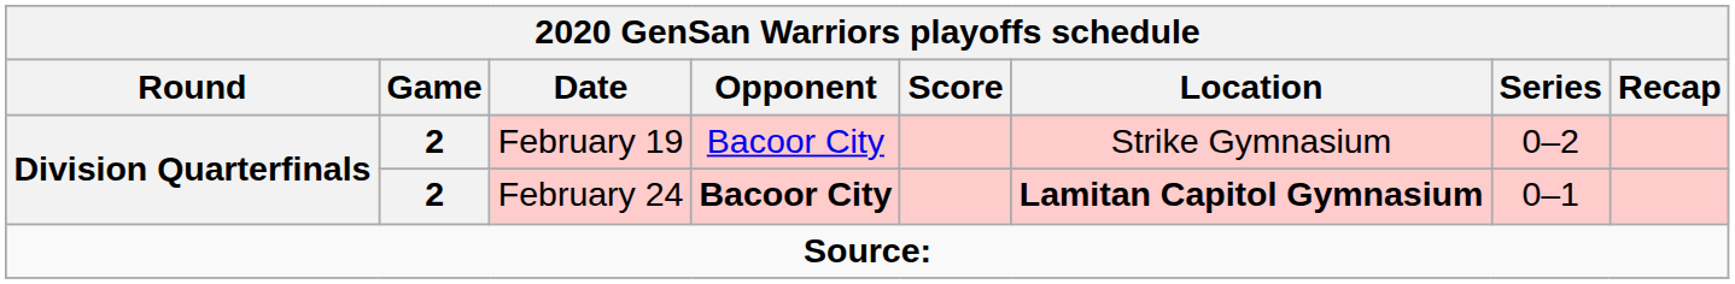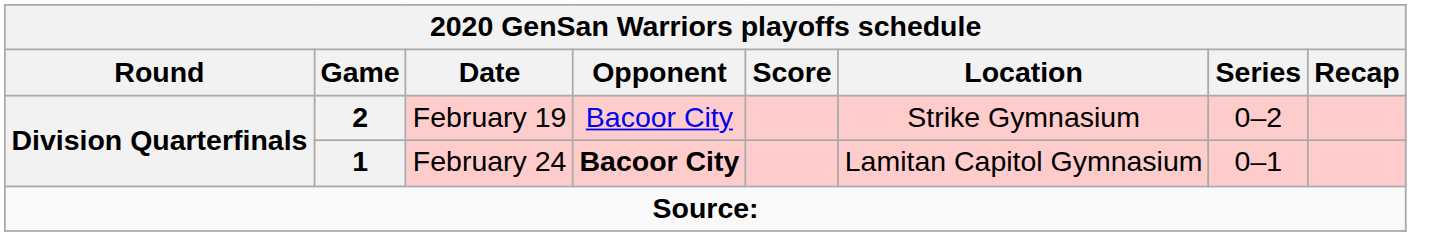 <table class="wikitable" style="text-align:center">
 <tr>
 <th colspan=8>2020 GenSan Warriors playoffs schedule</th>
 </tr>
 <tr>
 <th>Round</th>
 <th>Game</th>
 <th>Date</th>
 <th>Opponent</th>
 <th>Score</th>
 <th>Location</th>
 <th>Series</th>
 <th>Recap<br></th>
 </tr>
 <tr style="background:#fcc">
 <th rowspan=2>Division Quarterfinals</th>
 <th>2</th>
 <td>February 19</td>
 <td><a href='#'>Bacoor City</a></td>
 <td></td>
 <td>Strike Gymnasium</td>
 <td>0–2</td>
 <td></td>
 </tr>
 <tr style="background:#fcc">
-<th>2</th>
+<th>1</th>
 <td>February 24</td>
 <td><strong>Bacoor City</strong></td>
 <td></td>
-<td><strong>Lamitan Capitol Gymnasium</strong></td>
+<td>Lamitan Capitol Gymnasium</td>
 <td>0–1</td>
 <td></td>
 </tr>
 <tr>
 <td colspan=8 align=center><strong>Source: </strong></td>
 </tr>
 </table>
